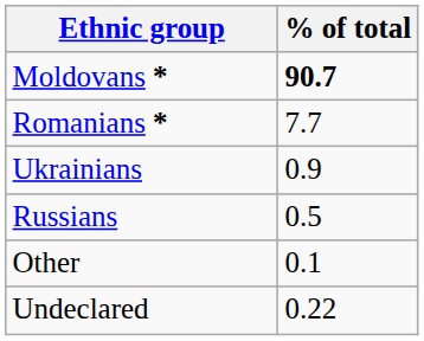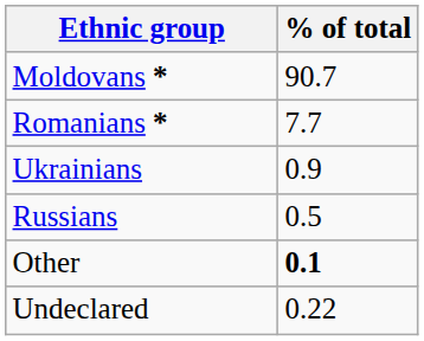 <table class="wikitable sortable">
 <tr>
 <th style="width:140px;"><a href='#'>Ethnic group</a></th>
 <th>% of total</th>
 </tr>
 <tr>
 <td><a href='#'>Moldovans</a> <strong>*</strong></td>
-<td><strong>90.7</strong></td>
+<td>90.7</td>
 </tr>
 <tr>
 <td><a href='#'>Romanians</a> <strong>*</strong></td>
 <td>7.7</td>
 </tr>
 <tr>
 <td><a href='#'>Ukrainians</a></td>
 <td>0.9</td>
 </tr>
 <tr>
 <td><a href='#'>Russians</a></td>
 <td>0.5</td>
 </tr>
 <tr>
 <td>Other</td>
-<td>0.1</td>
+<td><strong>0.1</strong></td>
 </tr>
 <tr>
 <td>Undeclared</td>
 <td>0.22</td>
 </tr>
 </table>
